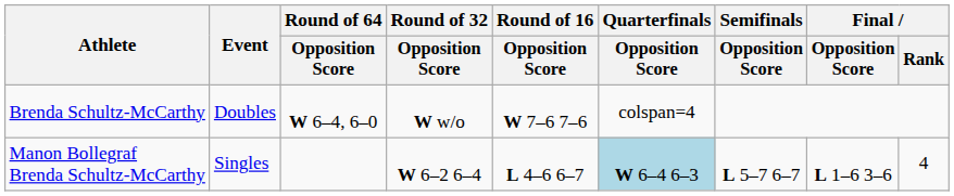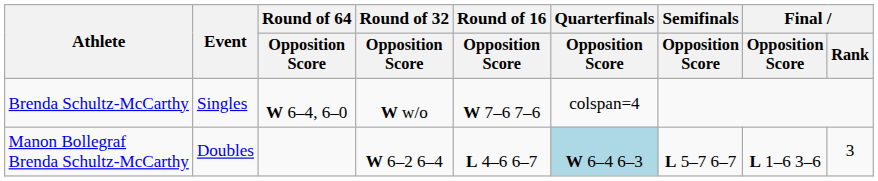 <table class=wikitable style="font-size:90%">
 <tr>
 <th rowspan="2">Athlete</th>
 <th rowspan="2">Event</th>
 <th>Round of 64</th>
 <th>Round of 32</th>
 <th>Round of 16</th>
 <th>Quarterfinals</th>
 <th>Semifinals</th>
 <th colspan=2>Final / </th>
 </tr>
 <tr style="font-size:95%">
 <th>Opposition<br>Score</th>
 <th>Opposition<br>Score</th>
 <th>Opposition<br>Score</th>
 <th>Opposition<br>Score</th>
 <th>Opposition<br>Score</th>
 <th>Opposition<br>Score</th>
 <th>Rank</th>
 </tr>
 <tr align=center>
 <td align=left><a href='#'>Brenda Schultz-McCarthy</a></td>
-<td align=left><a href='#'>Doubles</a></td>
+<td align=left><a href='#'>Singles</a></td>
 <td><br><strong>W</strong> 6–4, 6–0</td>
 <td><br><strong>W</strong> w/o</td>
 <td><br><strong>W</strong> 7–6 7–6</td>
 <td>colspan=4 </td>
 </tr>
 <tr align=center>
 <td align=left><a href='#'>Manon Bollegraf</a> <br> <a href='#'>Brenda Schultz-McCarthy</a></td>
-<td align=left><a href='#'>Singles</a></td>
+<td align=left><a href='#'>Doubles</a></td>
 <td></td>
 <td><br><strong>W</strong> 6–2 6–4</td>
 <td><br><strong>L</strong> 4–6 6–7</td>
 <td style="background: lightblue;"><br><strong>W</strong> 6–4 6–3</td>
 <td><br><strong>L</strong> 5–7 6–7</td>
 <td><br><strong>L</strong> 1–6 3–6</td>
-<td>4</td>
+<td>3</td>
 </tr>
 </table>
